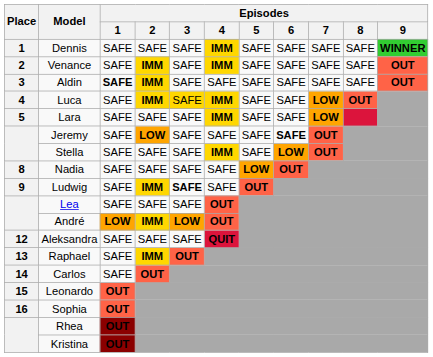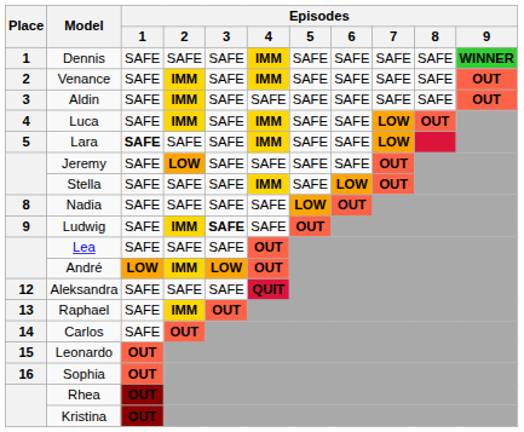 <table class="wikitable" style="text-align:center; font-size:92%">
 <tr>
 <th rowspan="2">Place</th>
 <th rowspan="2">Model</th>
 <th colspan="20">Episodes</th>
 </tr>
 <tr>
 <th>1</th>
 <th>2</th>
 <th>3</th>
 <th>4</th>
 <th>5</th>
 <th>6</th>
 <th>7</th>
 <th>8</th>
 <th>9</th>
 </tr>
 <tr>
 <th>1</th>
 <td>Dennis</td>
 <td>SAFE</td>
 <td>SAFE</td>
 <td>SAFE</td>
 <td bgcolor="gold"><strong>IMM</strong></td>
 <td>SAFE</td>
 <td>SAFE</td>
 <td>SAFE</td>
 <td>SAFE</td>
 <td bgcolor="limegreen"><strong>WINNER</strong></td>
 </tr>
 <tr>
 <th>2</th>
 <td>Venance</td>
 <td>SAFE</td>
 <td bgcolor="gold"><strong>IMM</strong></td>
 <td>SAFE</td>
 <td bgcolor="gold"><strong>IMM</strong></td>
 <td>SAFE</td>
 <td>SAFE</td>
 <td>SAFE</td>
 <td>SAFE</td>
 <td bgcolor="tomato"><strong>OUT</strong></td>
 </tr>
 <tr>
 <th>3</th>
 <td>Aldin</td>
-<td><strong>SAFE</strong></td>
+<td>SAFE</td>
 <td bgcolor="gold"><strong>IMM</strong></td>
 <td>SAFE</td>
 <td>SAFE</td>
 <td>SAFE</td>
 <td>SAFE</td>
 <td>SAFE</td>
 <td>SAFE</td>
 <td bgcolor="tomato"><strong>OUT</strong></td>
 </tr>
 <tr>
 <th>4</th>
 <td>Luca</td>
 <td>SAFE</td>
 <td bgcolor="gold"><strong>IMM</strong></td>
-<td style="background: gold;">SAFE</td>
+<td>SAFE</td>
 <td bgcolor="gold"><strong>IMM</strong></td>
 <td>SAFE</td>
 <td>SAFE</td>
 <td bgcolor="orange"><strong>LOW</strong></td>
 <td bgcolor="tomato"><strong>OUT</strong></td>
 <td rowspan="2" colspan="2" bgcolor="darkgray"></td>
 </tr>
 <tr>
 <th>5</th>
 <td>Lara</td>
-<td>SAFE</td>
+<td><strong>SAFE</strong></td>
 <td>SAFE</td>
 <td>SAFE</td>
 <td bgcolor="gold"><strong>IMM</strong></td>
 <td>SAFE</td>
 <td>SAFE</td>
 <td bgcolor="orange"><strong>LOW</strong></td>
 <td bgcolor="crimson"><strong></strong></td>
 </tr>
 <tr>
 <th rowspan="2"></th>
 <td>Jeremy</td>
 <td>SAFE</td>
 <td bgcolor="orange"><strong>LOW</strong></td>
 <td>SAFE</td>
 <td>SAFE</td>
 <td>SAFE</td>
-<td><strong>SAFE</strong></td>
+<td>SAFE</td>
 <td bgcolor="tomato"><strong>OUT</strong></td>
 <td rowspan="2" colspan="3" bgcolor="darkgray"></td>
 </tr>
 <tr>
 <td>Stella</td>
 <td>SAFE</td>
 <td>SAFE</td>
 <td>SAFE</td>
 <td bgcolor="gold"><strong>IMM</strong></td>
 <td>SAFE</td>
 <td bgcolor="orange"><strong>LOW</strong></td>
 <td bgcolor="tomato"><strong>OUT</strong></td>
 </tr>
 <tr>
 <th>8</th>
 <td>Nadia</td>
 <td>SAFE</td>
 <td>SAFE</td>
 <td>SAFE</td>
 <td>SAFE</td>
 <td bgcolor="orange"><strong>LOW</strong></td>
 <td bgcolor="tomato"><strong>OUT</strong></td>
 <td colspan="5" bgcolor="darkgray"></td>
 </tr>
 <tr>
 <th>9</th>
 <td>Ludwig</td>
 <td>SAFE</td>
 <td bgcolor="gold"><strong>IMM</strong></td>
 <td><strong>SAFE</strong></td>
 <td>SAFE</td>
 <td bgcolor="tomato"><strong>OUT</strong></td>
 <td colspan="6" bgcolor="darkgray"></td>
 </tr>
 <tr>
 <th rowspan="2"></th>
 <td><a href='#'>Lea</a></td>
 <td>SAFE</td>
 <td>SAFE</td>
 <td>SAFE</td>
 <td bgcolor="tomato"><strong>OUT</strong></td>
 <td rowspan="3" colspan="7" bgcolor="darkgray"></td>
 </tr>
 <tr>
 <td>André</td>
 <td bgcolor="orange"><strong>LOW</strong></td>
 <td bgcolor="gold"><strong>IMM</strong></td>
 <td bgcolor="orange"><strong>LOW</strong></td>
 <td bgcolor="tomato"><strong>OUT</strong></td>
 </tr>
 <tr>
 <th>12</th>
 <td>Aleksandra</td>
 <td>SAFE</td>
 <td>SAFE</td>
 <td>SAFE</td>
 <td style="background:crimson;"><strong><span>QUIT</span></strong></td>
 </tr>
 <tr>
 <th>13</th>
 <td>Raphael</td>
 <td>SAFE</td>
 <td bgcolor="gold"><strong>IMM</strong></td>
 <td bgcolor="tomato"><strong>OUT</strong></td>
 <td colspan="8" bgcolor="darkgray"></td>
 </tr>
 <tr>
 <th>14</th>
 <td>Carlos</td>
 <td>SAFE</td>
 <td bgcolor="tomato"><strong>OUT</strong></td>
 <td colspan="9" bgcolor="darkgray"></td>
 </tr>
 <tr>
 <th>15</th>
 <td>Leonardo</td>
 <td bgcolor="tomato"><strong>OUT</strong></td>
 <td colspan="9" bgcolor="darkgray"></td>
 </tr>
 <tr>
 <th>16</th>
 <td>Sophia</td>
 <td bgcolor="tomato"><strong>OUT</strong></td>
 <td colspan="9" bgcolor="darkgray"></td>
 </tr>
 <tr>
 <th rowspan="2"></th>
 <td>Rhea</td>
 <td style="background:darkred;"><strong><span>OUT</span></strong></td>
 <td colspan="9" bgcolor="darkgray"></td>
 </tr>
 <tr>
 <td>Kristina</td>
 <td style="background:darkred;"><strong><span>OUT</span></strong></td>
 <td colspan="9" bgcolor="darkgray"></td>
 </tr>
 </table>
